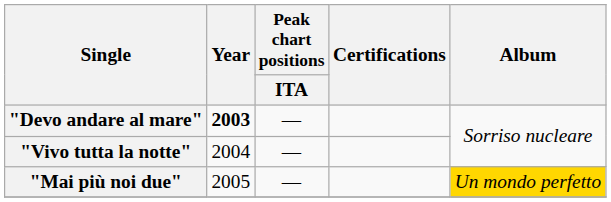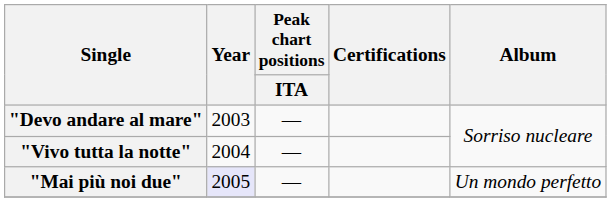 <table class="wikitable plainrowheaders" style="text-align:center;" border="1">
 <tr>
 <th rowspan="2" scope="column">Single</th>
 <th rowspan="2" scope="column">Year</th>
 <th scope="col" style="width:3em;font-size:90%;">Peak chart<br>positions</th>
 <th rowspan="2" scope="column">Certifications</th>
 <th rowspan="2" style="text-align:center;">Album</th>
 </tr>
 <tr>
 <th scope="column">ITA<br></th>
 </tr>
 <tr>
 <th scope="row">"Devo andare al mare"</th>
-<td><strong>2003</strong></td>
+<td>2003</td>
 <td>—</td>
 <td></td>
 <td rowspan="2"><em>Sorriso nucleare</em></td>
 </tr>
 <tr>
 <th scope="row">"Vivo tutta la notte"</th>
 <td>2004</td>
 <td>—</td>
 <td align="left"></td>
 </tr>
 <tr>
 <th scope="row">"Mai più noi due"</th>
-<td>2005</td>
+<td style="background: lavender;">2005</td>
 <td>—</td>
 <td align="left"></td>
-<td style="background: gold;"><em>Un mondo perfetto</em></td>
+<td><em>Un mondo perfetto</em></td>
 </tr>
 <tr>
 </tr>
 </table>
